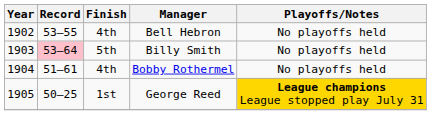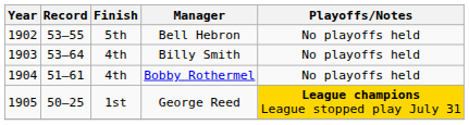 <table class="wikitable">
 <tr style="background: #F2F2F2;">
 <th>Year</th>
 <th>Record</th>
 <th>Finish</th>
 <th>Manager</th>
 <th>Playoffs/Notes</th>
 </tr>
 <tr align=center>
 <td>1902</td>
 <td>53–55</td>
-<td>4th</td>
+<td>5th</td>
 <td>Bell Hebron</td>
 <td>No playoffs held</td>
 </tr>
 <tr align=center>
 <td>1903</td>
-<td style="background: pink;">53–64</td>
-<td>5th</td>
+<td>53–64</td>
+<td>4th</td>
 <td>Billy Smith</td>
 <td>No playoffs held</td>
 </tr>
 <tr align=center>
 <td>1904</td>
 <td>51–61</td>
 <td>4th</td>
 <td><a href='#'>Bobby Rothermel</a></td>
 <td>No playoffs held</td>
 </tr>
 <tr align=center>
 <td>1905</td>
 <td>50–25</td>
 <td>1st</td>
 <td>George Reed</td>
 <td style="background: gold;"><strong>League champions</strong><br>League stopped play July 31</td>
 </tr>
 <tr align=center>
 </tr>
 </table>
